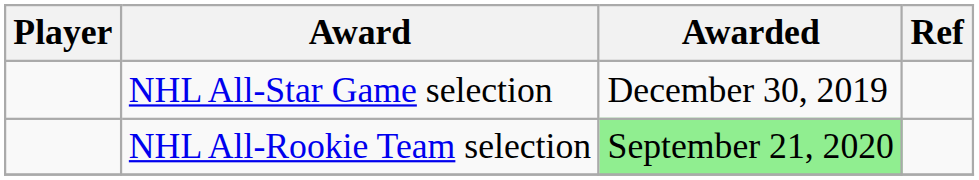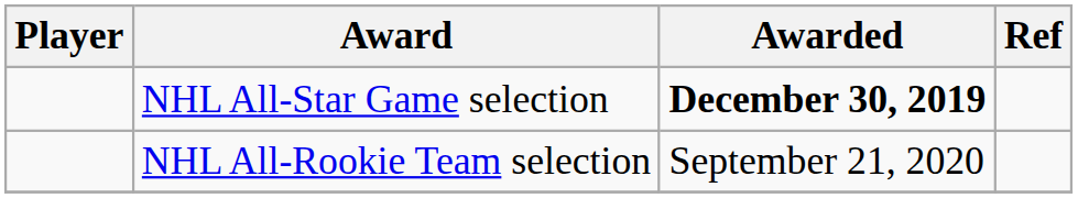 <table class="wikitable" style="width:auto;">
 <tr>
 <th>Player</th>
 <th>Award</th>
 <th>Awarded</th>
 <th>Ref</th>
 </tr>
 <tr>
 <td></td>
 <td><a href='#'>NHL All-Star Game</a> selection</td>
-<td>December 30, 2019</td>
+<td><strong>December 30, 2019</strong></td>
 <td></td>
 </tr>
 <tr>
 <td></td>
 <td><a href='#'>NHL All-Rookie Team</a> selection</td>
-<td style="background: lightgreen;">September 21, 2020</td>
+<td>September 21, 2020</td>
 <td></td>
 </tr>
 <tr>
 </tr>
 </table>
